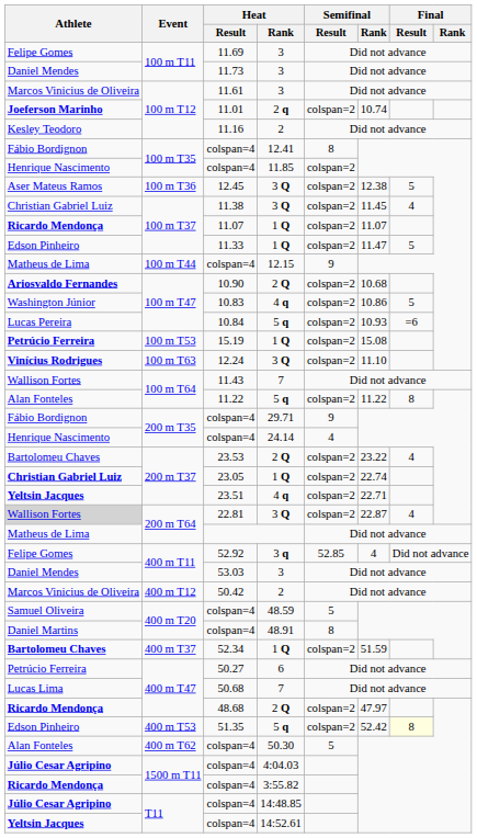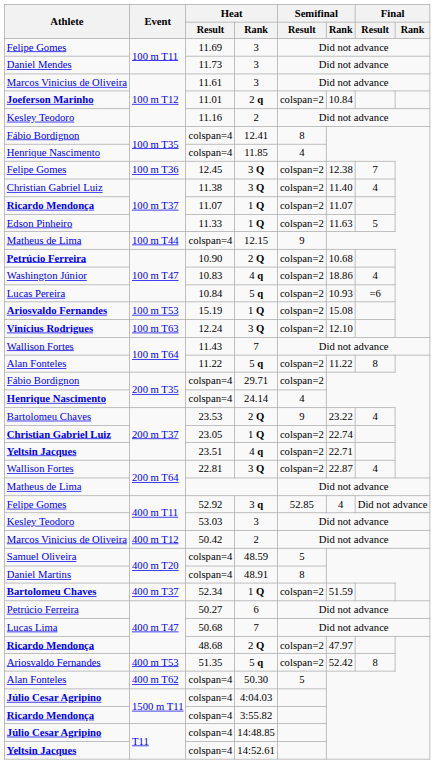 <table class="wikitable" style="font-size:90%">
 <tr>
 <th rowspan="2">Athlete</th>
 <th rowspan="2">Event</th>
 <th colspan="2">Heat</th>
 <th colspan="2">Semifinal</th>
 <th colspan="2">Final</th>
 </tr>
 <tr style="font-size:95%">
 <th>Result</th>
 <th>Rank</th>
 <th>Result</th>
 <th>Rank</th>
 <th>Result</th>
 <th>Rank</th>
 </tr>
 <tr align=center>
 <td align=left><a href='#'>Felipe Gomes</a></td>
 <td align=left rowspan="2"><a href='#'>100 m T11</a></td>
 <td>11.69</td>
 <td>3</td>
 <td colspan=4>Did not advance</td>
 </tr>
 <tr align=center>
 <td align=left><a href='#'>Daniel Mendes</a></td>
 <td>11.73</td>
 <td>3</td>
 <td colspan=4>Did not advance</td>
 </tr>
 <tr align=center>
 <td align=left><a href='#'>Marcos Vinicius de Oliveira</a></td>
 <td align=left rowspan=3><a href='#'>100 m T12</a></td>
 <td>11.61</td>
 <td>3</td>
 <td colspan=4>Did not advance</td>
 </tr>
 <tr align=center>
 <td align=left><strong><a href='#'>Joeferson Marinho</a></strong></td>
 <td>11.01</td>
 <td>2 <strong>q</strong></td>
 <td>colspan=2 </td>
-<td>10.74</td>
+<td>10.84</td>
 <td></td>
 </tr>
 <tr align=center>
 <td align=left><a href='#'>Kesley Teodoro</a></td>
 <td>11.16</td>
 <td>2</td>
 <td colspan=4>Did not advance</td>
 </tr>
 <tr align=center>
 <td align=left><a href='#'>Fábio Bordignon</a></td>
 <td align=left rowspan=2><a href='#'>100 m T35</a></td>
 <td>colspan=4 </td>
 <td>12.41</td>
 <td>8</td>
 </tr>
 <tr align=center>
 <td align=left><a href='#'>Henrique Nascimento</a></td>
 <td>colspan=4 </td>
 <td>11.85</td>
-<td>colspan=2 </td>
+<td>4</td>
 </tr>
 <tr align=center>
-<td align=left><a href='#'>Aser Mateus Ramos</a></td>
+<td align=left><a href='#'>Felipe Gomes</a></td>
 <td align=left><a href='#'>100 m T36</a></td>
 <td>12.45</td>
 <td>3 <strong>Q</strong></td>
 <td>colspan=2 </td>
 <td>12.38</td>
-<td>5</td>
+<td>7</td>
 </tr>
 <tr align=center>
 <td align=left><a href='#'>Christian Gabriel Luiz</a></td>
 <td align=left rowspan=3><a href='#'>100 m T37</a></td>
 <td>11.38</td>
 <td>3 <strong>Q</strong></td>
 <td>colspan=2 </td>
-<td>11.45</td>
+<td>11.40</td>
 <td>4</td>
 </tr>
 <tr align=center>
 <td align=left><strong><a href='#'>Ricardo Mendonça</a></strong></td>
 <td>11.07</td>
 <td>1 <strong>Q</strong></td>
 <td>colspan=2 </td>
 <td>11.07</td>
 <td></td>
 </tr>
 <tr align=center>
 <td align=left><a href='#'>Edson Pinheiro</a></td>
 <td>11.33</td>
 <td>1 <strong>Q</strong></td>
 <td>colspan=2 </td>
-<td>11.47</td>
+<td>11.63</td>
 <td>5</td>
 </tr>
 <tr align=center>
 <td align=left><a href='#'>Matheus de Lima</a></td>
 <td align=left><a href='#'>100 m T44</a></td>
 <td>colspan=4 </td>
 <td>12.15</td>
 <td>9</td>
 </tr>
 <tr align=center>
-<td align=left><strong><a href='#'>Ariosvaldo Fernandes</a></strong></td>
+<td align=left><strong><a href='#'>Petrúcio Ferreira</a></strong></td>
 <td align=left rowspan=3><a href='#'>100 m T47</a></td>
 <td>10.90</td>
 <td>2 <strong>Q</strong></td>
 <td>colspan=2 </td>
 <td>10.68</td>
 <td></td>
 </tr>
 <tr align=center>
 <td align=left><a href='#'>Washington Júnior</a></td>
 <td>10.83</td>
 <td>4 <strong>q</strong></td>
 <td>colspan=2 </td>
-<td>10.86</td>
-<td>5</td>
+<td>18.86</td>
+<td>4</td>
 </tr>
 <tr align=center>
 <td align=left><a href='#'>Lucas Pereira</a></td>
 <td>10.84</td>
 <td>5 <strong>q</strong></td>
 <td>colspan=2 </td>
 <td>10.93</td>
 <td>=6</td>
 </tr>
 <tr align=center>
-<td align=left><strong><a href='#'>Petrúcio Ferreira</a></strong></td>
+<td align=left><strong><a href='#'>Ariosvaldo Fernandes</a></strong></td>
 <td align=left><a href='#'>100 m T53</a></td>
 <td>15.19</td>
 <td>1 <strong>Q</strong></td>
 <td>colspan=2 </td>
 <td>15.08</td>
 <td></td>
 </tr>
 <tr align=center>
 <td align=left><strong><a href='#'>Vinícius Rodrigues</a></strong></td>
 <td align=left><a href='#'>100 m T63</a></td>
 <td>12.24</td>
 <td>3 <strong>Q</strong></td>
 <td>colspan=2 </td>
-<td>11.10</td>
+<td>12.10</td>
 <td></td>
 </tr>
 <tr align=center>
 <td align=left><a href='#'>Wallison Fortes</a></td>
 <td align=left rowspan=2><a href='#'>100 m T64</a></td>
 <td>11.43</td>
 <td>7</td>
 <td colspan=4>Did not advance</td>
 </tr>
 <tr align=center>
 <td align=left><a href='#'>Alan Fonteles</a></td>
 <td>11.22</td>
 <td>5 <strong>q</strong></td>
 <td>colspan=2 </td>
 <td>11.22</td>
 <td>8</td>
 </tr>
 <tr align=center>
 <td align=left><a href='#'>Fábio Bordignon</a></td>
 <td align=left rowspan=2><a href='#'>200 m T35</a></td>
 <td>colspan=4 </td>
 <td>29.71</td>
-<td>9</td>
+<td>colspan=2 </td>
 </tr>
 <tr align=center>
-<td align=left><a href='#'>Henrique Nascimento</a></td>
+<td align=left><strong><a href='#'>Henrique Nascimento</a></strong></td>
 <td>colspan=4 </td>
 <td>24.14</td>
 <td>4</td>
 </tr>
 <tr align=center>
 <td align=left><a href='#'>Bartolomeu Chaves</a></td>
 <td align=left rowspan=3><a href='#'>200 m T37</a></td>
 <td>23.53</td>
 <td>2 <strong>Q</strong></td>
-<td>colspan=2 </td>
+<td>9</td>
 <td>23.22</td>
 <td>4</td>
 </tr>
 <tr align=center>
 <td align=left><strong><a href='#'>Christian Gabriel Luiz</a></strong></td>
 <td>23.05</td>
 <td>1 <strong>Q</strong></td>
 <td>colspan=2 </td>
 <td>22.74</td>
 <td></td>
 </tr>
 <tr align=center>
 <td align=left><strong><a href='#'>Yeltsin Jacques</a></strong></td>
 <td>23.51</td>
 <td>4 <strong>q</strong></td>
 <td>colspan=2 </td>
 <td>22.71</td>
 <td></td>
 </tr>
 <tr align=center>
-<td align=left style="background: lightgrey;"><a href='#'>Wallison Fortes</a></td>
+<td align=left><a href='#'>Wallison Fortes</a></td>
 <td align=left rowspan=2><a href='#'>200 m T64</a></td>
 <td>22.81</td>
 <td>3 <strong>Q</strong></td>
 <td>colspan=2 </td>
 <td>22.87</td>
 <td>4</td>
 </tr>
 <tr align=center>
 <td align=left><a href='#'>Matheus de Lima</a></td>
 <td colspan=2></td>
 <td colspan=4>Did not advance</td>
 </tr>
 <tr align=center>
 <td align=left><a href='#'>Felipe Gomes</a></td>
 <td align=left rowspan=2><a href='#'>400 m T11</a></td>
 <td>52.92</td>
 <td>3 <strong>q</strong></td>
 <td>52.85</td>
 <td>4</td>
 <td colspan=2>Did not advance</td>
 </tr>
 <tr align=center>
-<td align=left><a href='#'>Daniel Mendes</a></td>
+<td align=left><a href='#'>Kesley Teodoro</a></td>
 <td>53.03</td>
 <td>3</td>
 <td colspan=4>Did not advance</td>
 </tr>
 <tr align=center>
 <td align=left><a href='#'>Marcos Vinicius de Oliveira</a></td>
 <td align=left><a href='#'>400 m T12</a></td>
 <td>50.42</td>
 <td>2</td>
 <td colspan=4>Did not advance</td>
 </tr>
 <tr align=center>
 <td align=left><a href='#'>Samuel Oliveira</a></td>
 <td align=left rowspan=2><a href='#'>400 m T20</a></td>
 <td>colspan=4 </td>
 <td>48.59</td>
 <td>5</td>
 </tr>
 <tr align=center>
 <td align=left><a href='#'>Daniel Martins</a></td>
 <td>colspan=4 </td>
 <td>48.91</td>
 <td>8</td>
 </tr>
 <tr align=center>
 <td align=left><strong><a href='#'>Bartolomeu Chaves</a></strong></td>
 <td align=left><a href='#'>400 m T37</a></td>
 <td>52.34</td>
 <td>1 <strong>Q</strong></td>
 <td>colspan=2 </td>
 <td>51.59</td>
 <td></td>
 </tr>
 <tr align=center>
 <td align=left><a href='#'>Petrúcio Ferreira</a></td>
 <td align=left rowspan=3><a href='#'>400 m T47</a></td>
 <td>50.27</td>
 <td>6</td>
 <td colspan=4>Did not advance</td>
 </tr>
 <tr align=center>
 <td align=left><a href='#'>Lucas Lima</a></td>
 <td>50.68</td>
 <td>7</td>
 <td colspan=4>Did not advance</td>
 </tr>
 <tr align=center>
 <td align=left><strong><a href='#'>Ricardo Mendonça</a></strong></td>
 <td>48.68</td>
 <td>2 <strong>Q</strong></td>
 <td>colspan=2 </td>
 <td>47.97</td>
 <td></td>
 </tr>
 <tr align=center>
-<td align=left><a href='#'>Edson Pinheiro</a></td>
+<td align=left><a href='#'>Ariosvaldo Fernandes</a></td>
 <td align=left><a href='#'>400 m T53</a></td>
 <td>51.35</td>
 <td>5 <strong>q</strong></td>
 <td>colspan=2 </td>
 <td>52.42</td>
-<td style="background: lightyellow;">8</td>
+<td>8</td>
 </tr>
 <tr align=center>
 <td align=left><a href='#'>Alan Fonteles</a></td>
 <td align=left><a href='#'>400 m T62</a></td>
 <td>colspan=4 </td>
 <td>50.30</td>
 <td>5</td>
 </tr>
 <tr align=center>
 <td align=left><strong><a href='#'>Júlio Cesar Agripino</a></strong></td>
 <td align=left rowspan=2><a href='#'>1500 m T11</a></td>
 <td>colspan=4 </td>
 <td>4:04.03</td>
 <td></td>
 </tr>
 <tr align=center>
 <td align=left><strong><a href='#'>Ricardo Mendonça</a></strong></td>
 <td>colspan=4 </td>
 <td>3:55.82</td>
 <td></td>
 </tr>
 <tr align=center>
 <td align=left><strong><a href='#'>Júlio Cesar Agripino</a></strong></td>
 <td align=left rowspan=2><a href='#'> T11</a></td>
 <td>colspan=4 </td>
 <td>14:48.85</td>
 <td></td>
 </tr>
 <tr align=center>
 <td align=left><strong><a href='#'>Yeltsin Jacques</a></strong></td>
 <td>colspan=4 </td>
 <td>14:52.61</td>
 <td></td>
 </tr>
 </table>
